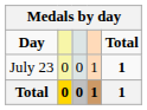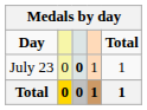 <table class="wikitable" style="font-size:85%; float:right">
 <tr align=center>
 <th colspan=7><strong>Medals by day</strong></th>
 </tr>
 <tr align=center>
 <td><strong>Day</strong></td>
 <td style="background:#f7f6a8;"></td>
 <td style="background:#dce5e5;"></td>
 <td style="background:#ffdab9;"></td>
 <td><strong>Total</strong></td>
 </tr>
 <tr align=center>
 <td>July 23</td>
 <td style="background:#f7f6a8;">0</td>
-<td style="background:#dce5e5;">0</td>
+<td style="background:#dce5e5;"><strong>0</strong></td>
 <td style="background:#ffdab9;">1</td>
-<td><strong>1</strong></td>
+<td>1</td>
 </tr>
 <tr align=center>
 <th><strong>Total</strong></th>
 <th style="background:gold;"><strong>0</strong></th>
 <th style="background:silver;"><strong>0</strong></th>
 <th style="background:#c96;"><strong>1</strong></th>
 <th><strong>1</strong></th>
 </tr>
 </table>
